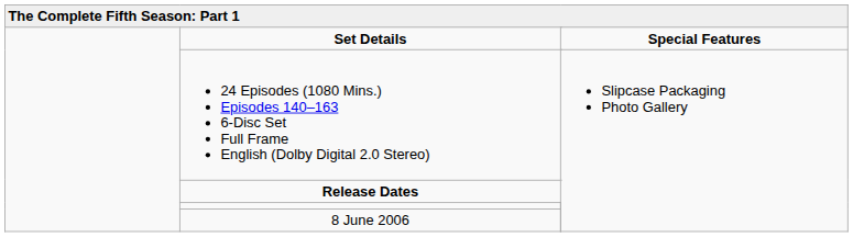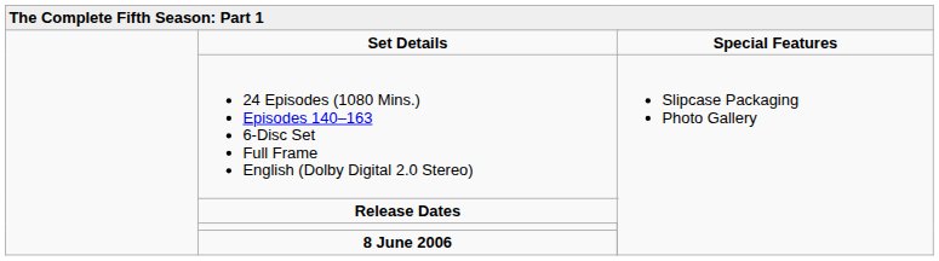 <table class="wikitable" style="font-size: 95%;">
 <tr style="background:#EFEFEF">
 <td colspan="5"><strong>The Complete Fifth Season: Part 1</strong></td>
 </tr>
 <tr>
 <td rowspan="6" align="center" width="180"></td>
 <td align="center" width="350" colspan="3"><strong>Set Details</strong></td>
 <td width="250" align="center"><strong>Special Features</strong></td>
 </tr>
 <tr valign="top">
 <td colspan="3" align="left" width="400"><br><ul><li>24 Episodes (1080 Mins.)</li><li><a href='#'>Episodes 140–163</a></li><li>6-Disc Set</li><li>Full Frame</li><li>English (Dolby Digital 2.0 Stereo)</li></ul></td>
 <td rowspan="4" align="left" width="300"><br><ul><li>Slipcase Packaging</li><li>Photo Gallery</li></ul></td>
 </tr>
 <tr>
 <td colspan="3" align="center"><strong>Release Dates</strong></td>
 </tr>
 <tr>
 <td align="center"></td>
 </tr>
 <tr>
-<td align="center">8 June 2006</td>
+<td align="center"><strong>8 June 2006</strong></td>
 </tr>
 </table>
